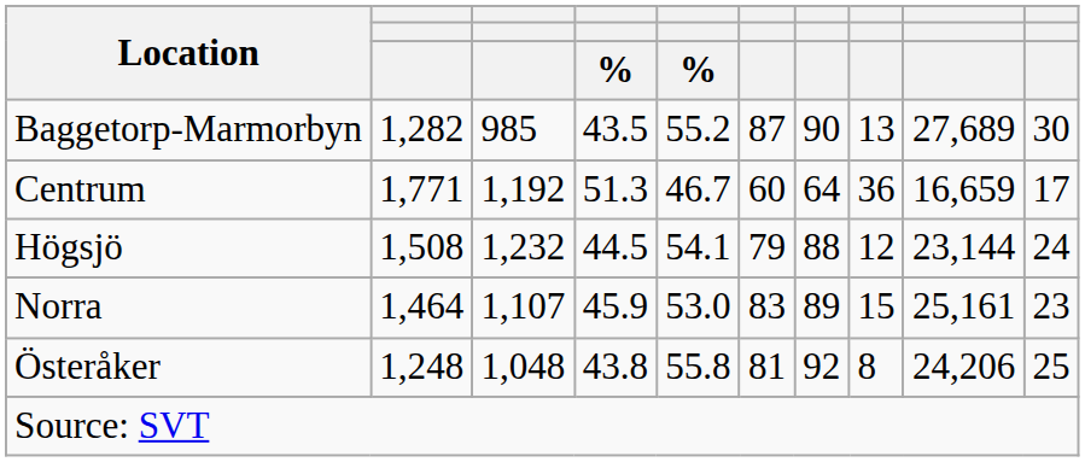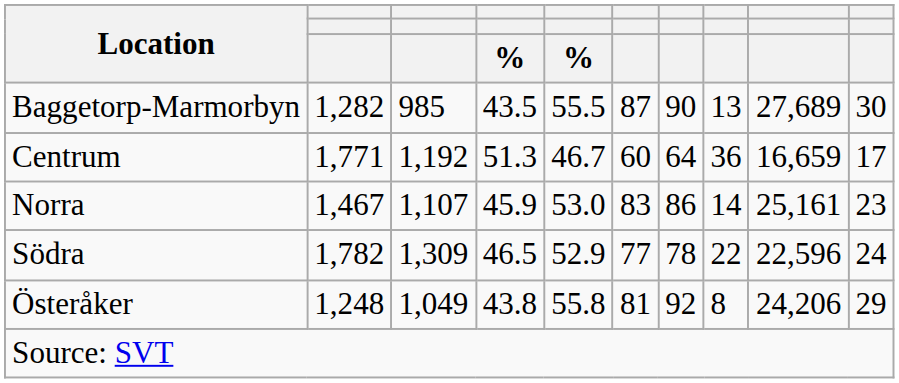 <table role="presentation" class="wikitable sortable mw-collapsible">
 <tr>
 <th rowspan="3">Location</th>
 <th></th>
 <th></th>
 <th></th>
 <th></th>
 <th></th>
 <th></th>
 <th></th>
 <th></th>
 <th></th>
 </tr>
 <tr>
 <th></th>
 <th></th>
 <th style="background:"></th>
 <th style="background:"></th>
 <th></th>
 <th></th>
 <th></th>
 <th></th>
 <th></th>
 </tr>
 <tr>
 <th data-sort-type="number"></th>
 <th data-sort-type="number"></th>
 <th data-sort-type="number">%</th>
 <th data-sort-type="number">%</th>
 <th data-sort-type="number"></th>
 <th data-sort-type="number"></th>
 <th data-sort-type="number"></th>
 <th data-sort-type="number"></th>
 <th data-sort-type="number"></th>
 </tr>
 <tr>
 <td align="left">Baggetorp-Marmorbyn</td>
 <td>1,282</td>
 <td>985</td>
 <td>43.5</td>
-<td>55.2</td>
+<td>55.5</td>
 <td>87</td>
 <td>90</td>
 <td>13</td>
 <td>27,689</td>
 <td>30</td>
 </tr>
 <tr>
 <td align="left">Centrum</td>
 <td>1,771</td>
 <td>1,192</td>
 <td>51.3</td>
 <td>46.7</td>
 <td>60</td>
 <td>64</td>
 <td>36</td>
 <td>16,659</td>
 <td>17</td>
 </tr>
 <tr>
-<td align="left">Högsjö</td>
-<td>1,508</td>
-<td>1,232</td>
-<td>44.5</td>
-<td>54.1</td>
-<td>79</td>
-<td>88</td>
-<td>12</td>
-<td>23,144</td>
-<td>24</td>
-</tr>
-<tr>
 <td align="left">Norra</td>
-<td>1,464</td>
+<td>1,467</td>
 <td>1,107</td>
 <td>45.9</td>
 <td>53.0</td>
 <td>83</td>
-<td>89</td>
-<td>15</td>
+<td>86</td>
+<td>14</td>
 <td>25,161</td>
 <td>23</td>
 </tr>
 <tr>
+<td align="left">Södra</td>
+<td>1,782</td>
+<td>1,309</td>
+<td>46.5</td>
+<td>52.9</td>
+<td>77</td>
+<td>78</td>
+<td>22</td>
+<td>22,596</td>
+<td>24</td>
+</tr>
+<tr>
 <td align="left">Österåker</td>
 <td>1,248</td>
-<td>1,048</td>
+<td>1,049</td>
 <td>43.8</td>
 <td>55.8</td>
 <td>81</td>
 <td>92</td>
 <td>8</td>
 <td>24,206</td>
-<td>25</td>
+<td>29</td>
 </tr>
 <tr>
 <td colspan="10" align="left">Source: <a href='#'>SVT</a></td>
 </tr>
 </table>
